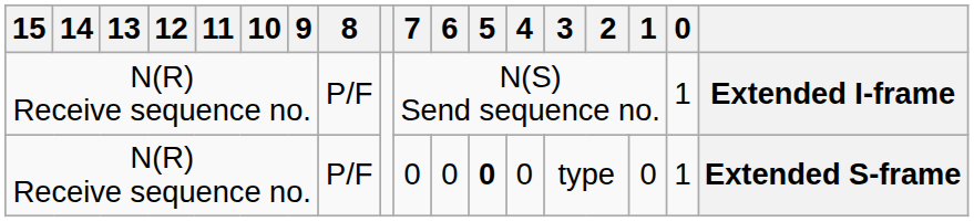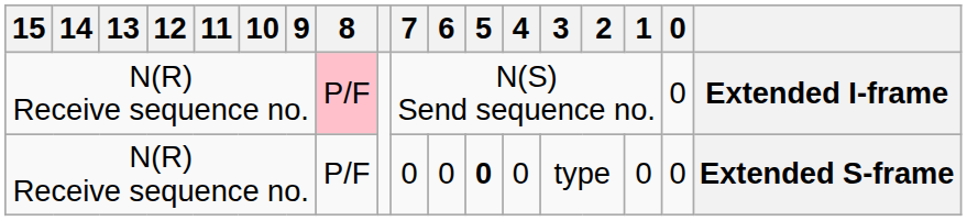 <table class="wikitable" style="text-align:center">
 <tr>
 <th>15</th>
 <th>14</th>
 <th>13</th>
 <th>12</th>
 <th>11</th>
 <th>10</th>
 <th>9</th>
 <th>8</th>
 <th></th>
 <th>7</th>
 <th>6</th>
 <th>5</th>
 <th>4</th>
 <th>3</th>
 <th>2</th>
 <th>1</th>
 <th>0</th>
 <th></th>
 </tr>
 <tr>
 <td colspan=7>N(R)<br>Receive sequence no.</td>
-<td>P/F</td>
+<td style="background: pink;">P/F</td>
 <td rowspan=2></td>
 <td colspan=7>N(S)<br>Send sequence no.</td>
-<td>1</td>
+<td>0</td>
 <th>Extended I-frame</th>
 </tr>
 <tr>
 <td colspan=7>N(R)<br>Receive sequence no.</td>
 <td>P/F</td>
 <td>0</td>
 <td>0</td>
 <td><strong>0</strong></td>
 <td>0</td>
 <td colspan=2>type</td>
 <td>0</td>
-<td>1</td>
+<td>0</td>
 <th>Extended S-frame</th>
 </tr>
 </table>
